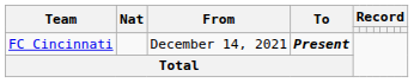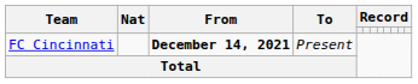 <table class="wikitable" style="text-align:center">
 <tr>
 <th rowspan="2">Team</th>
 <th rowspan="2">Nat</th>
 <th rowspan="2">From</th>
 <th rowspan="2">To</th>
 <th colspan="8">Record</th>
 </tr>
 <tr>
 <th></th>
 <th></th>
 <th></th>
 <th></th>
 <th></th>
 <th></th>
 <th></th>
 <th></th>
 </tr>
 <tr>
 <td align=left><a href='#'>FC Cincinnati</a></td>
 <td></td>
-<td align=left>December 14, 2021</td>
-<td align=left><strong><em>Present</em><br></strong></td>
+<td align=left><strong>December 14, 2021</strong></td>
+<td align=left><em>Present</em><br></td>
 </tr>
 <tr>
 <th colspan="4">Total<br></th>
 </tr>
 </table>
